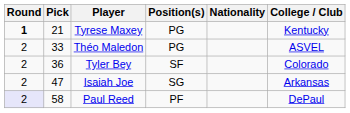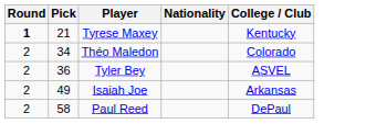 <table class="wikitable sortable sortable">
 <tr>
 <th>Round</th>
 <th>Pick</th>
 <th>Player</th>
-<th>Position(s)</th>
 <th>Nationality</th>
 <th>College / Club</th>
 </tr>
 <tr style="text-align: center">
 <td><strong>1</strong></td>
 <td>21</td>
 <td><a href='#'>Tyrese Maxey</a></td>
-<td>PG</td>
 <td></td>
 <td><a href='#'>Kentucky</a></td>
 </tr>
 <tr style="text-align: center">
 <td>2</td>
-<td>33</td>
+<td>34</td>
 <td><a href='#'>Théo Maledon</a></td>
-<td>PG</td>
+<td></td>
+<td><a href='#'>Colorado</a></td>
+</tr>
+<tr style="text-align: center">
+<td>2</td>
+<td>36</td>
+<td><a href='#'>Tyler Bey</a></td>
 <td></td>
 <td><a href='#'>ASVEL</a></td>
 </tr>
 <tr style="text-align: center">
 <td>2</td>
-<td>36</td>
-<td><a href='#'>Tyler Bey</a></td>
-<td>SF</td>
-<td></td>
-<td><a href='#'>Colorado</a></td>
-</tr>
-<tr style="text-align: center">
-<td>2</td>
-<td>47</td>
+<td>49</td>
 <td><a href='#'>Isaiah Joe</a></td>
-<td>SG</td>
 <td></td>
 <td><a href='#'>Arkansas</a></td>
 </tr>
 <tr style="text-align: center">
-<td style="background: lavender;">2</td>
+<td>2</td>
 <td>58</td>
 <td><a href='#'>Paul Reed</a></td>
-<td>PF</td>
 <td></td>
 <td><a href='#'>DePaul</a></td>
 </tr>
 </table>
